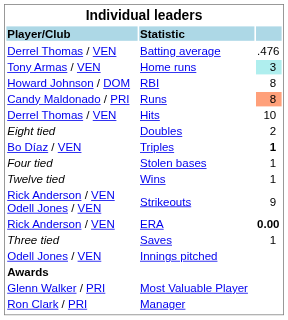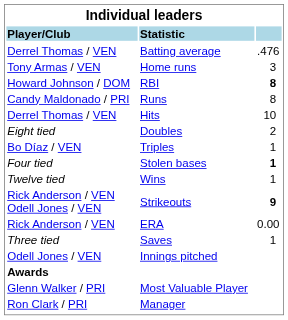 <table cellpadding="1" width="350px" style="font-size: 90%; border: 1px solid gray;">
 <tr align="center" style="font-size: larger;">
 <td colspan=6><strong>Individual leaders</strong></td>
 </tr>
 <tr style="background:lightblue;">
 <td><strong>Player/Club</strong></td>
 <td><strong>Statistic</strong></td>
 <td></td>
 </tr>
 <tr align="center" style="vertical-align: middle;" style="background:lightblue;">
 </tr>
 <tr>
 <td><a href='#'>Derrel Thomas</a> / <a href='#'>VEN</a></td>
 <td><a href='#'>Batting average</a></td>
 <td>.476</td>
 </tr>
 <tr>
 <td><a href='#'>Tony Armas</a> / <a href='#'>VEN</a></td>
 <td><a href='#'>Home runs</a></td>
-<td style="background: paleturquoise;">     3</td>
+<td>     3</td>
 </tr>
 <tr>
 <td><a href='#'>Howard Johnson</a> / <a href='#'>DOM</a></td>
 <td><a href='#'>RBI</a></td>
-<td>     8</td>
+<td><strong>     8</strong></td>
 </tr>
 <tr>
 <td><a href='#'>Candy Maldonado</a> / <a href='#'>PRI</a></td>
 <td><a href='#'>Runs</a></td>
-<td style="background: lightsalmon;">     8</td>
+<td>     8</td>
 </tr>
 <tr>
 <td><a href='#'>Derrel Thomas</a> / <a href='#'>VEN</a></td>
 <td><a href='#'>Hits</a></td>
 <td>  10</td>
 </tr>
 <tr>
 <td><em>Eight tied</em></td>
 <td><a href='#'>Doubles</a></td>
 <td>     2</td>
 </tr>
 <tr>
 <td><a href='#'>Bo Díaz</a> / <a href='#'>VEN</a></td>
 <td><a href='#'>Triples</a></td>
-<td><strong>    1</strong></td>
+<td>    1</td>
 </tr>
 <tr>
 <td><em>Four tied</em></td>
 <td><a href='#'>Stolen bases</a></td>
-<td>     1</td>
+<td><strong>     1</strong></td>
 </tr>
 <tr>
 <td><em>Twelve tied</em></td>
 <td><a href='#'>Wins</a></td>
 <td>     1</td>
 </tr>
 <tr>
 <td><a href='#'>Rick Anderson</a> / <a href='#'>VEN</a><br><a href='#'>Odell Jones</a> / <a href='#'>VEN</a></td>
 <td><a href='#'>Strikeouts</a></td>
-<td>    9</td>
+<td><strong>    9</strong></td>
 </tr>
 <tr>
 <td><a href='#'>Rick Anderson</a> / <a href='#'>VEN</a></td>
 <td><a href='#'>ERA</a></td>
-<td><strong>0.00</strong></td>
+<td>0.00</td>
 </tr>
 <tr>
 <td><em>Three tied</em></td>
 <td><a href='#'>Saves</a></td>
 <td>     1</td>
 </tr>
 <tr>
 <td><a href='#'>Odell Jones</a> / <a href='#'>VEN</a></td>
 <td><a href='#'>Innings pitched</a></td>
 <td></td>
 </tr>
 <tr>
 <td><strong>Awards</strong></td>
 </tr>
 <tr>
 <td><a href='#'>Glenn Walker</a> / <a href='#'>PRI</a></td>
 <td><a href='#'>Most Valuable Player</a></td>
 </tr>
 <tr>
 <td><a href='#'>Ron Clark</a> / <a href='#'>PRI</a></td>
 <td><a href='#'>Manager</a></td>
 </tr>
 <tr>
 </tr>
 </table>
